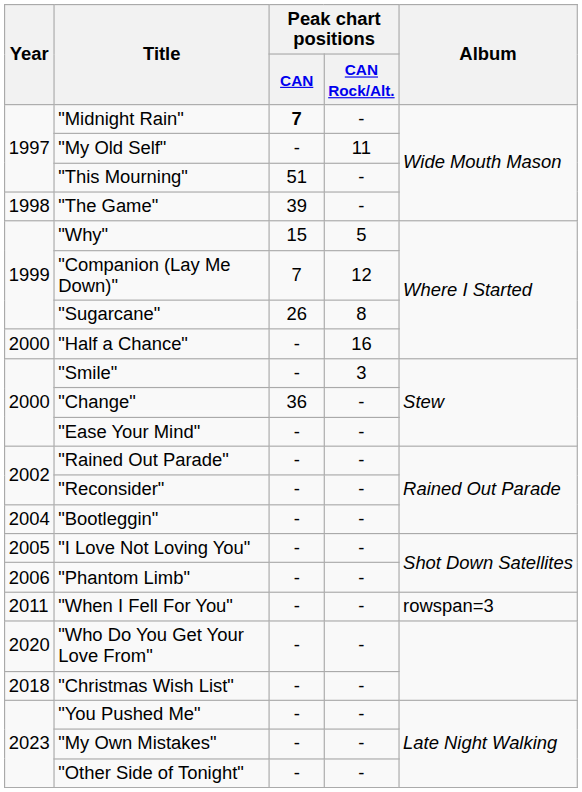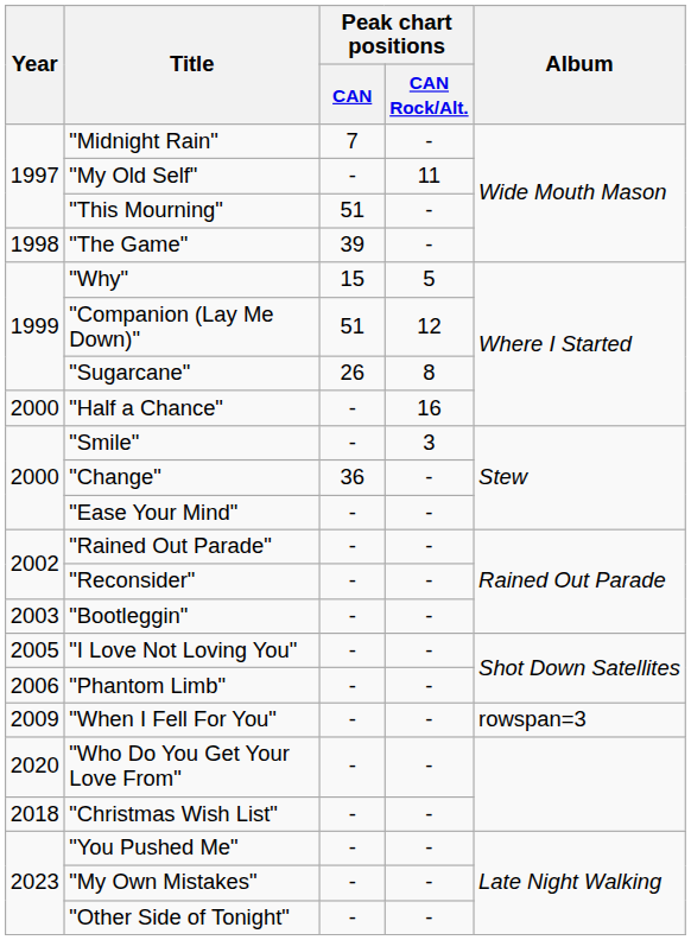 <table class="wikitable">
 <tr>
 <th rowspan="2">Year</th>
 <th rowspan="2" width="180">Title</th>
 <th colspan="2">Peak chart positions</th>
 <th rowspan="2">Album</th>
 </tr>
 <tr>
 <th width="40"><small><a href='#'>CAN</a></small><br></th>
 <th width="40"><small><a href='#'>CAN <br>Rock/Alt.</a></small><br></th>
 </tr>
 <tr>
 <td rowspan=3>1997</td>
 <td>"Midnight Rain"</td>
-<td align="center"><strong>7</strong></td>
+<td align="center">7</td>
 <td align="center">-</td>
 <td rowspan=4><em>Wide Mouth Mason</em></td>
 </tr>
 <tr>
 <td>"My Old Self"</td>
 <td align="center">-</td>
 <td align="center">11</td>
 </tr>
 <tr>
 <td>"This Mourning"</td>
 <td align="center">51</td>
 <td align="center">-</td>
 </tr>
 <tr>
 <td rowspan=1>1998</td>
 <td>"The Game"</td>
 <td align="center">39</td>
 <td align="center">-</td>
 </tr>
 <tr>
 <td rowspan=3>1999</td>
 <td>"Why"</td>
 <td align="center">15</td>
 <td align="center">5</td>
 <td rowspan=4><em>Where I Started</em></td>
 </tr>
 <tr>
 <td>"Companion (Lay Me Down)"</td>
-<td align="center">7</td>
+<td align="center">51</td>
 <td align="center">12</td>
 </tr>
 <tr>
 <td>"Sugarcane"</td>
 <td align="center">26</td>
 <td align="center">8</td>
 </tr>
 <tr>
 <td rowspan=1>2000</td>
 <td>"Half a Chance"</td>
 <td align="center">-</td>
 <td align="center">16</td>
 </tr>
 <tr>
 <td rowspan=3>2000</td>
 <td>"Smile"</td>
 <td align="center">-</td>
 <td align="center">3</td>
 <td rowspan=3><em>Stew</em></td>
 </tr>
 <tr>
 <td>"Change"</td>
 <td align="center">36</td>
 <td align="center">-</td>
 </tr>
 <tr>
 <td>"Ease Your Mind"</td>
 <td align="center">-</td>
 <td align="center">-</td>
 </tr>
 <tr>
 <td rowspan=2>2002</td>
 <td>"Rained Out Parade"</td>
 <td align="center">-</td>
 <td align="center">-</td>
 <td rowspan=3><em>Rained Out Parade</em></td>
 </tr>
 <tr>
 <td>"Reconsider"</td>
 <td align="center">-</td>
 <td align="center">-</td>
 </tr>
 <tr>
-<td rowspan=1>2004</td>
+<td rowspan=1>2003</td>
 <td>"Bootleggin"</td>
 <td align="center">-</td>
 <td align="center">-</td>
 </tr>
 <tr>
 <td rowspan=1>2005</td>
 <td>"I Love Not Loving You"</td>
 <td align="center">-</td>
 <td align="center">-</td>
 <td rowspan=2><em>Shot Down Satellites</em></td>
 </tr>
 <tr>
 <td rowspan=1>2006</td>
 <td>"Phantom Limb"</td>
 <td align="center">-</td>
 <td align="center">-</td>
 </tr>
 <tr>
-<td>2011</td>
+<td>2009</td>
 <td>"When I Fell For You"</td>
 <td align="center">-</td>
 <td align="center">-</td>
 <td>rowspan=3 </td>
 </tr>
 <tr>
 <td>2020</td>
 <td>"Who Do You Get Your Love From"</td>
 <td align="center">-</td>
 <td align="center">-</td>
 </tr>
 <tr>
 <td>2018</td>
 <td>"Christmas Wish List"</td>
 <td align="center">-</td>
 <td align="center">-</td>
 </tr>
 <tr>
 <td rowspan=3>2023</td>
 <td>"You Pushed Me"</td>
 <td align="center">-</td>
 <td align="center">-</td>
 <td rowspan=3><em>Late Night Walking</em></td>
 </tr>
 <tr>
 <td>"My Own Mistakes"</td>
 <td align="center">-</td>
 <td align="center">-</td>
 </tr>
 <tr>
 <td>"Other Side of Tonight"</td>
 <td align="center">-</td>
 <td align="center">-</td>
 </tr>
 <tr>
 </tr>
 </table>
